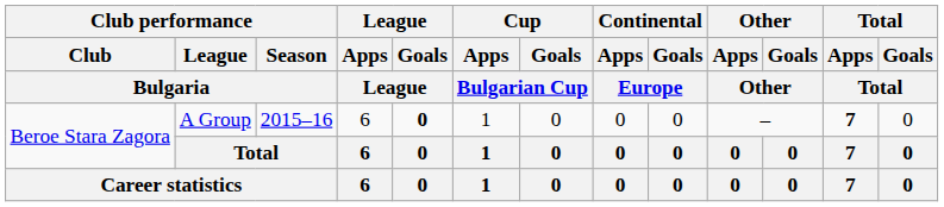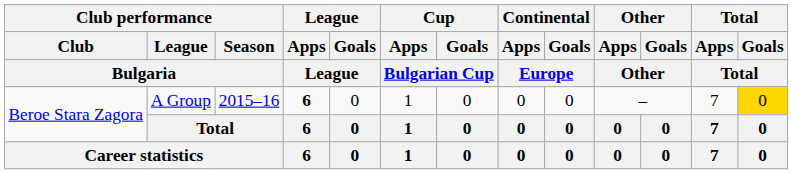 <table class="wikitable" style="text-align: center">
 <tr>
 <th Colspan="3">Club performance</th>
 <th Colspan="2">League</th>
 <th Colspan="2">Cup</th>
 <th Colspan="2">Continental</th>
 <th Colspan="2">Other</th>
 <th Colspan="3">Total</th>
 </tr>
 <tr>
 <th>Club</th>
 <th>League</th>
 <th>Season</th>
 <th>Apps</th>
 <th>Goals</th>
 <th>Apps</th>
 <th>Goals</th>
 <th>Apps</th>
 <th>Goals</th>
 <th>Apps</th>
 <th>Goals</th>
 <th>Apps</th>
 <th>Goals</th>
 </tr>
 <tr>
 <th Colspan="3">Bulgaria</th>
 <th Colspan="2">League</th>
 <th Colspan="2"><a href='#'>Bulgarian Cup</a></th>
 <th Colspan="2"><a href='#'>Europe</a></th>
 <th Colspan="2">Other</th>
 <th Colspan="2">Total</th>
 </tr>
 <tr>
 <td rowspan="2" valign="center"><a href='#'>Beroe Stara Zagora</a></td>
 <td rowspan="1"><a href='#'>A Group</a></td>
 <td><a href='#'>2015–16</a></td>
-<td>6</td>
-<td><strong>0</strong></td>
+<td><strong>6</strong></td>
+<td>0</td>
 <td>1</td>
 <td>0</td>
 <td>0</td>
 <td>0</td>
 <td colspan="2">–</td>
-<td><strong>7</strong></td>
-<td>0</td>
+<td>7</td>
+<td style="background: gold;">0</td>
 </tr>
 <tr>
 <th colspan=2>Total</th>
 <th>6</th>
 <th>0</th>
 <th>1</th>
 <th>0</th>
 <th>0</th>
 <th>0</th>
 <th>0</th>
 <th>0</th>
 <th>7</th>
 <th>0</th>
 </tr>
 <tr>
 <th colspan="3">Career statistics</th>
 <th>6</th>
 <th>0</th>
 <th>1</th>
 <th>0</th>
 <th>0</th>
 <th>0</th>
 <th>0</th>
 <th>0</th>
 <th>7</th>
 <th>0</th>
 </tr>
 </table>
